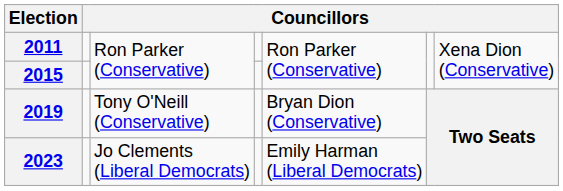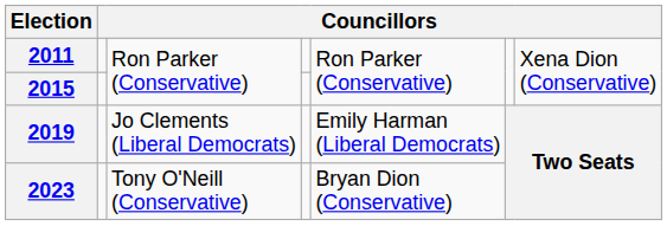 <table class="wikitable">
 <tr>
 <th>Election</th>
 <th colspan="6">Councillors</th>
 </tr>
 <tr>
 <th><a href='#'>2011</a></th>
 <td rowspan="1;" style="background-color: "></td>
 <td rowspan="2">Ron Parker<br>(<a href='#'>Conservative</a>)</td>
 <td rowspan="1;" style="background-color: "></td>
 <td rowspan="2">Ron Parker<br>(<a href='#'>Conservative</a>)</td>
 <td rowspan="2" style="background-color: "></td>
 <td rowspan="2">Xena Dion<br>(<a href='#'>Conservative</a>)</td>
 </tr>
 <tr>
 <th><a href='#'>2015</a></th>
 <td rowspan="1;" style="background-color: "></td>
 <td rowspan="1;" style="background-color: "></td>
 </tr>
 <tr>
 <th><a href='#'>2019</a></th>
 <td rowspan="1;" style="background-color: "></td>
-<td rowspan="1">Tony O'Neill<br>(<a href='#'>Conservative</a>)</td>
+<td>Jo Clements<br>(<a href='#'>Liberal Democrats</a>)</td>
 <td rowspan="1;" style="background-color: "></td>
-<td rowspan="1">Bryan Dion<br>(<a href='#'>Conservative</a>)</td>
+<td>Emily Harman<br>(<a href='#'>Liberal Democrats</a>)</td>
 <th colspan="2" rowspan="2">Two Seats</th>
 </tr>
 <tr>
 <th><a href='#'>2023</a></th>
 <td rowspan="1;" style="background-color: "></td>
-<td>Jo Clements<br>(<a href='#'>Liberal Democrats</a>)</td>
+<td rowspan="1">Tony O'Neill<br>(<a href='#'>Conservative</a>)</td>
 <td rowspan="1;" style="background-color: "></td>
-<td>Emily Harman<br>(<a href='#'>Liberal Democrats</a>)</td>
+<td rowspan="1">Bryan Dion<br>(<a href='#'>Conservative</a>)</td>
 </tr>
 </table>
